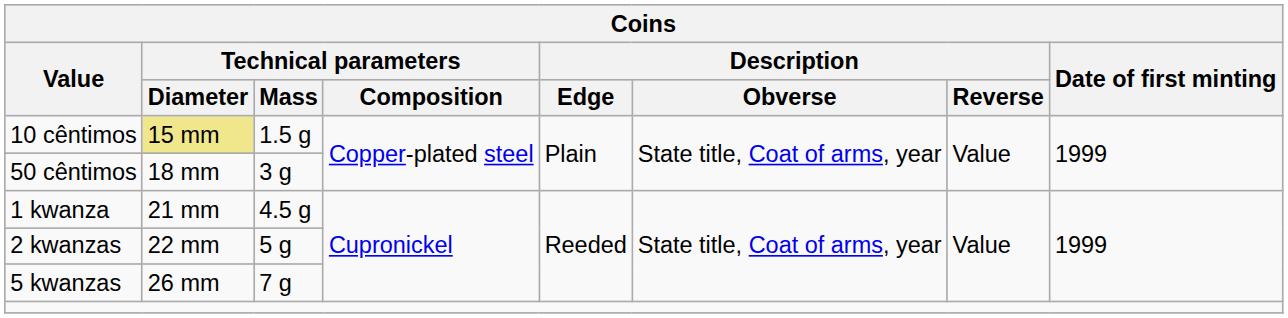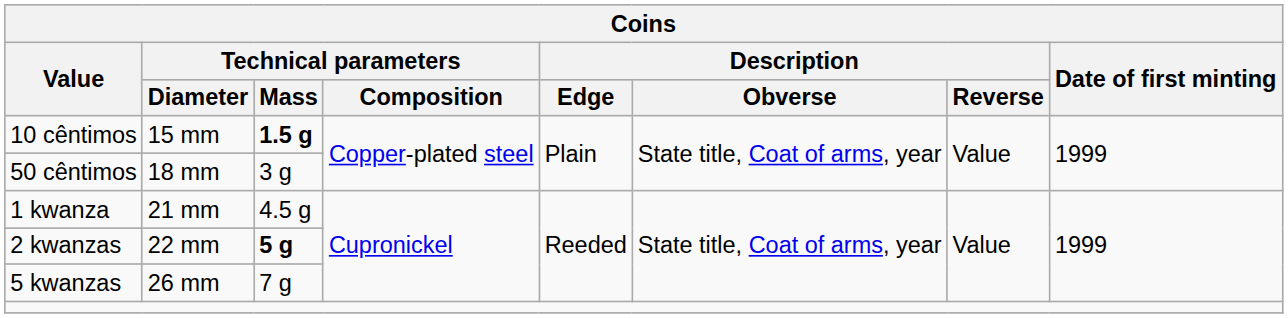 <table class="wikitable" style="font-size: 90%">
 <tr>
 <th colspan="8">Coins</th>
 </tr>
 <tr>
 <th rowspan="2">Value</th>
 <th colspan="3">Technical parameters</th>
 <th colspan="3">Description</th>
 <th rowspan="2">Date of first minting</th>
 </tr>
 <tr>
 <th>Diameter</th>
 <th>Mass</th>
 <th>Composition</th>
 <th>Edge</th>
 <th>Obverse</th>
 <th>Reverse</th>
 </tr>
 <tr>
 <td>10 cêntimos</td>
-<td style="background: khaki;">15 mm</td>
-<td>1.5 g</td>
+<td>15 mm</td>
+<td><strong>1.5 g</strong></td>
 <td rowspan="2"><a href='#'>Copper</a>-plated <a href='#'>steel</a></td>
 <td rowspan="2">Plain</td>
 <td rowspan="2">State title, <a href='#'>Coat of arms</a>, year</td>
 <td rowspan="2">Value</td>
 <td rowspan="2">1999</td>
 </tr>
 <tr>
 <td>50 cêntimos</td>
 <td>18 mm</td>
 <td>3 g</td>
 </tr>
 <tr>
 <td>1 kwanza</td>
 <td>21 mm</td>
 <td>4.5 g</td>
 <td rowspan="3"><a href='#'>Cupronickel</a></td>
 <td rowspan="3">Reeded</td>
 <td rowspan="3">State title, <a href='#'>Coat of arms</a>, year</td>
 <td rowspan="3">Value</td>
 <td rowspan="3">1999</td>
 </tr>
 <tr>
 <td>2 kwanzas</td>
 <td>22 mm</td>
-<td>5 g</td>
+<td><strong>5 g</strong></td>
 </tr>
 <tr>
 <td>5 kwanzas</td>
 <td>26 mm</td>
 <td>7 g</td>
 </tr>
 <tr>
 <td colspan="8"></td>
 </tr>
 </table>
